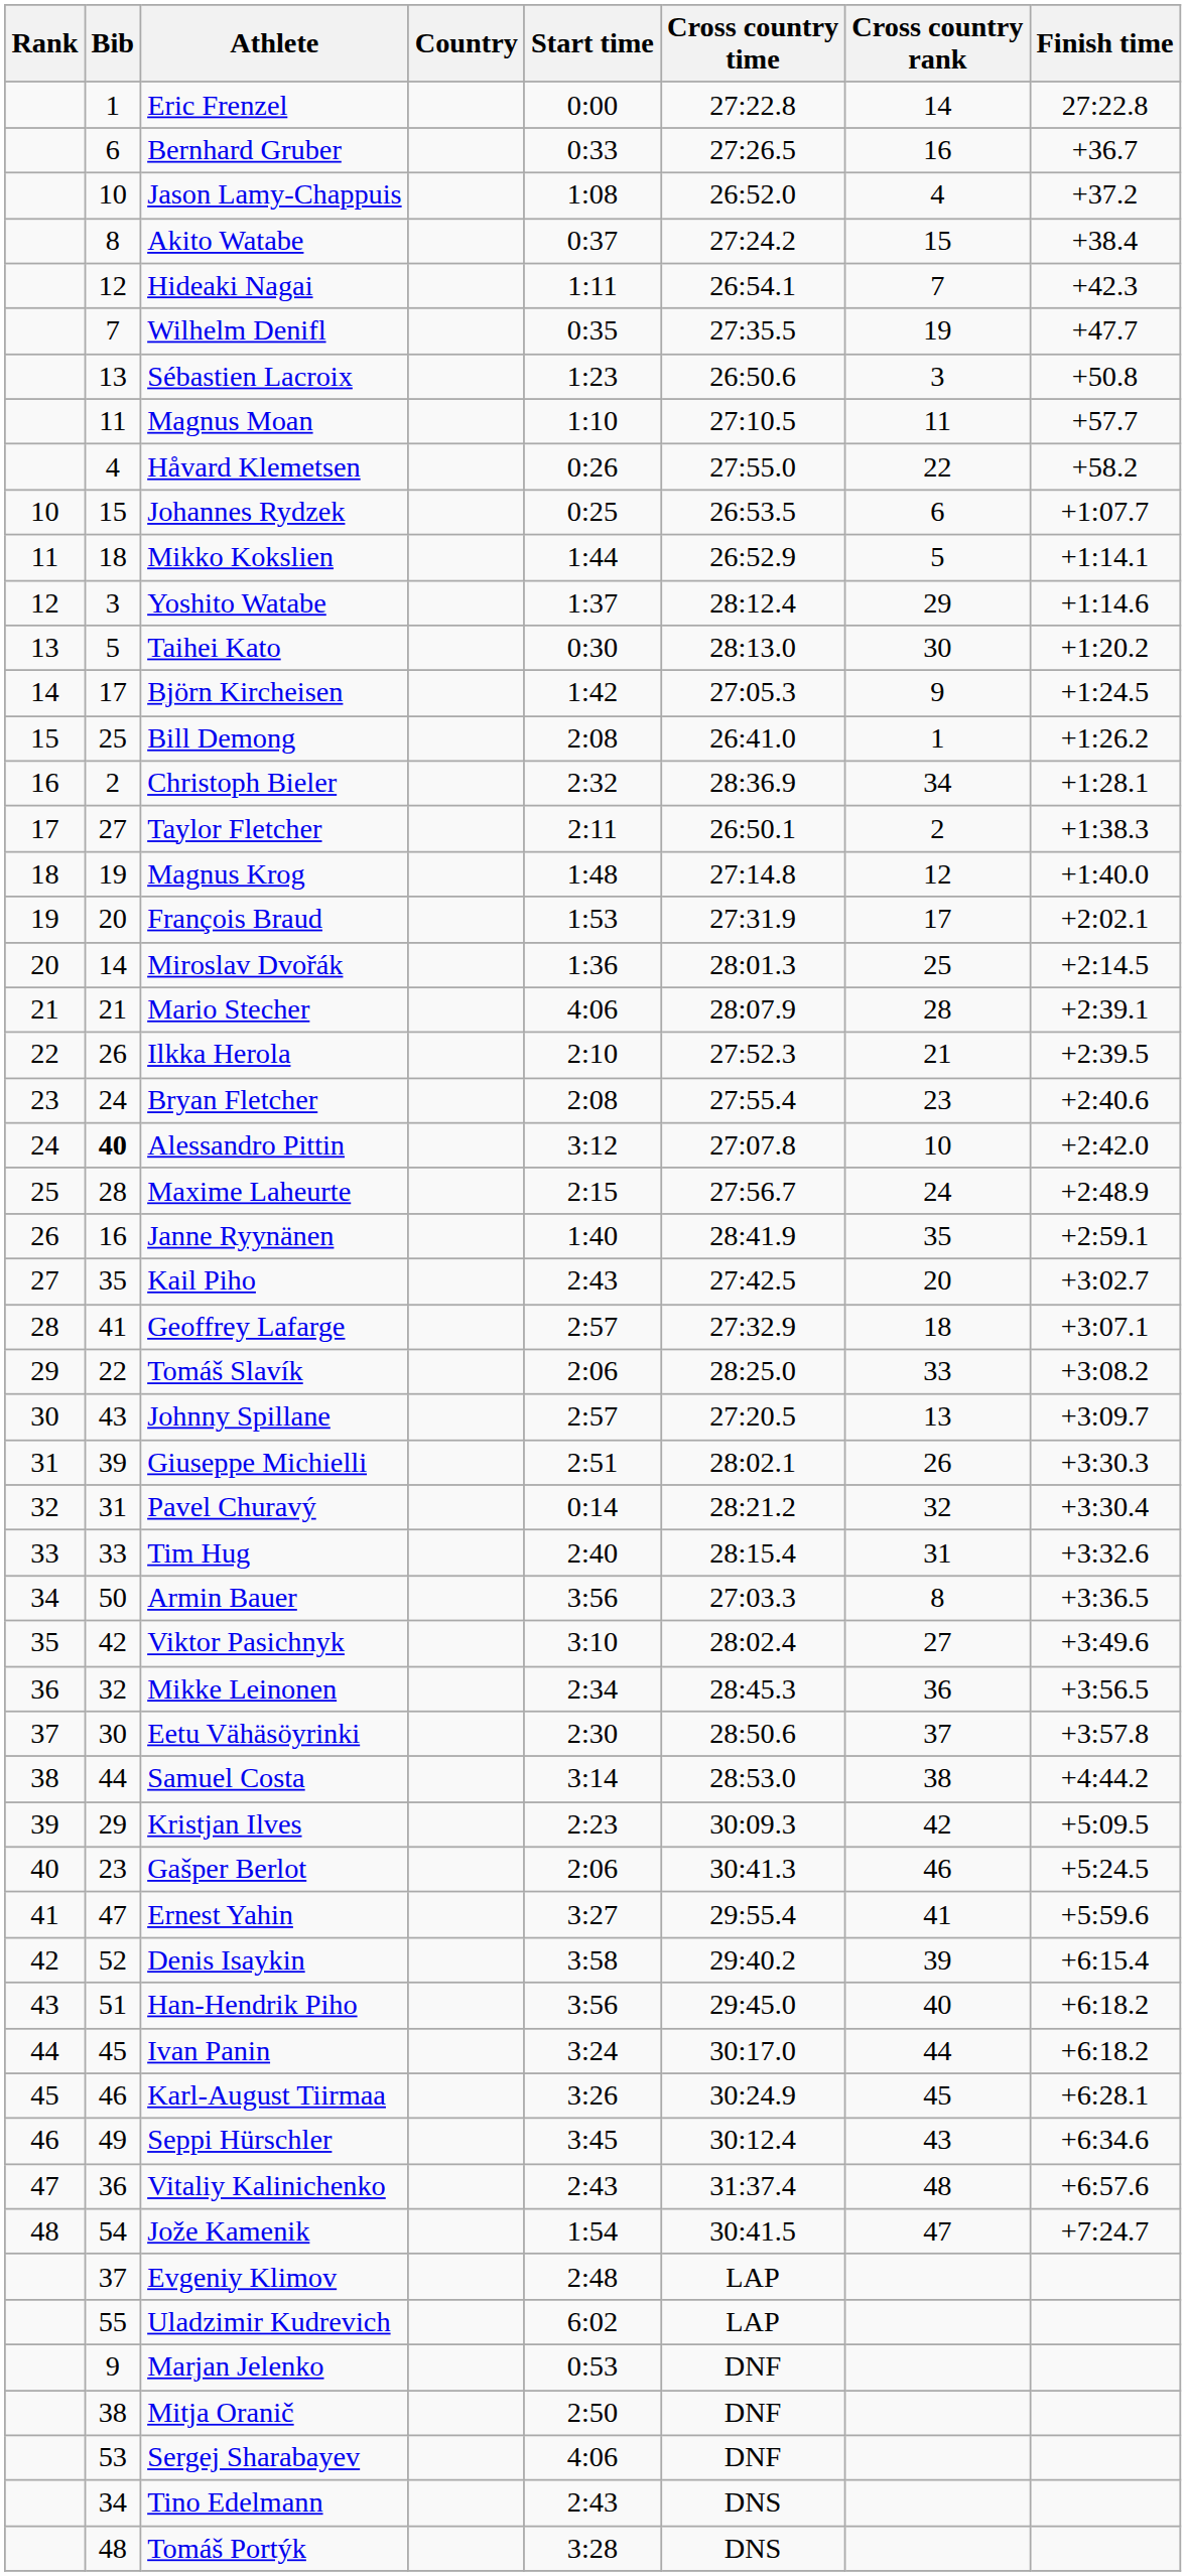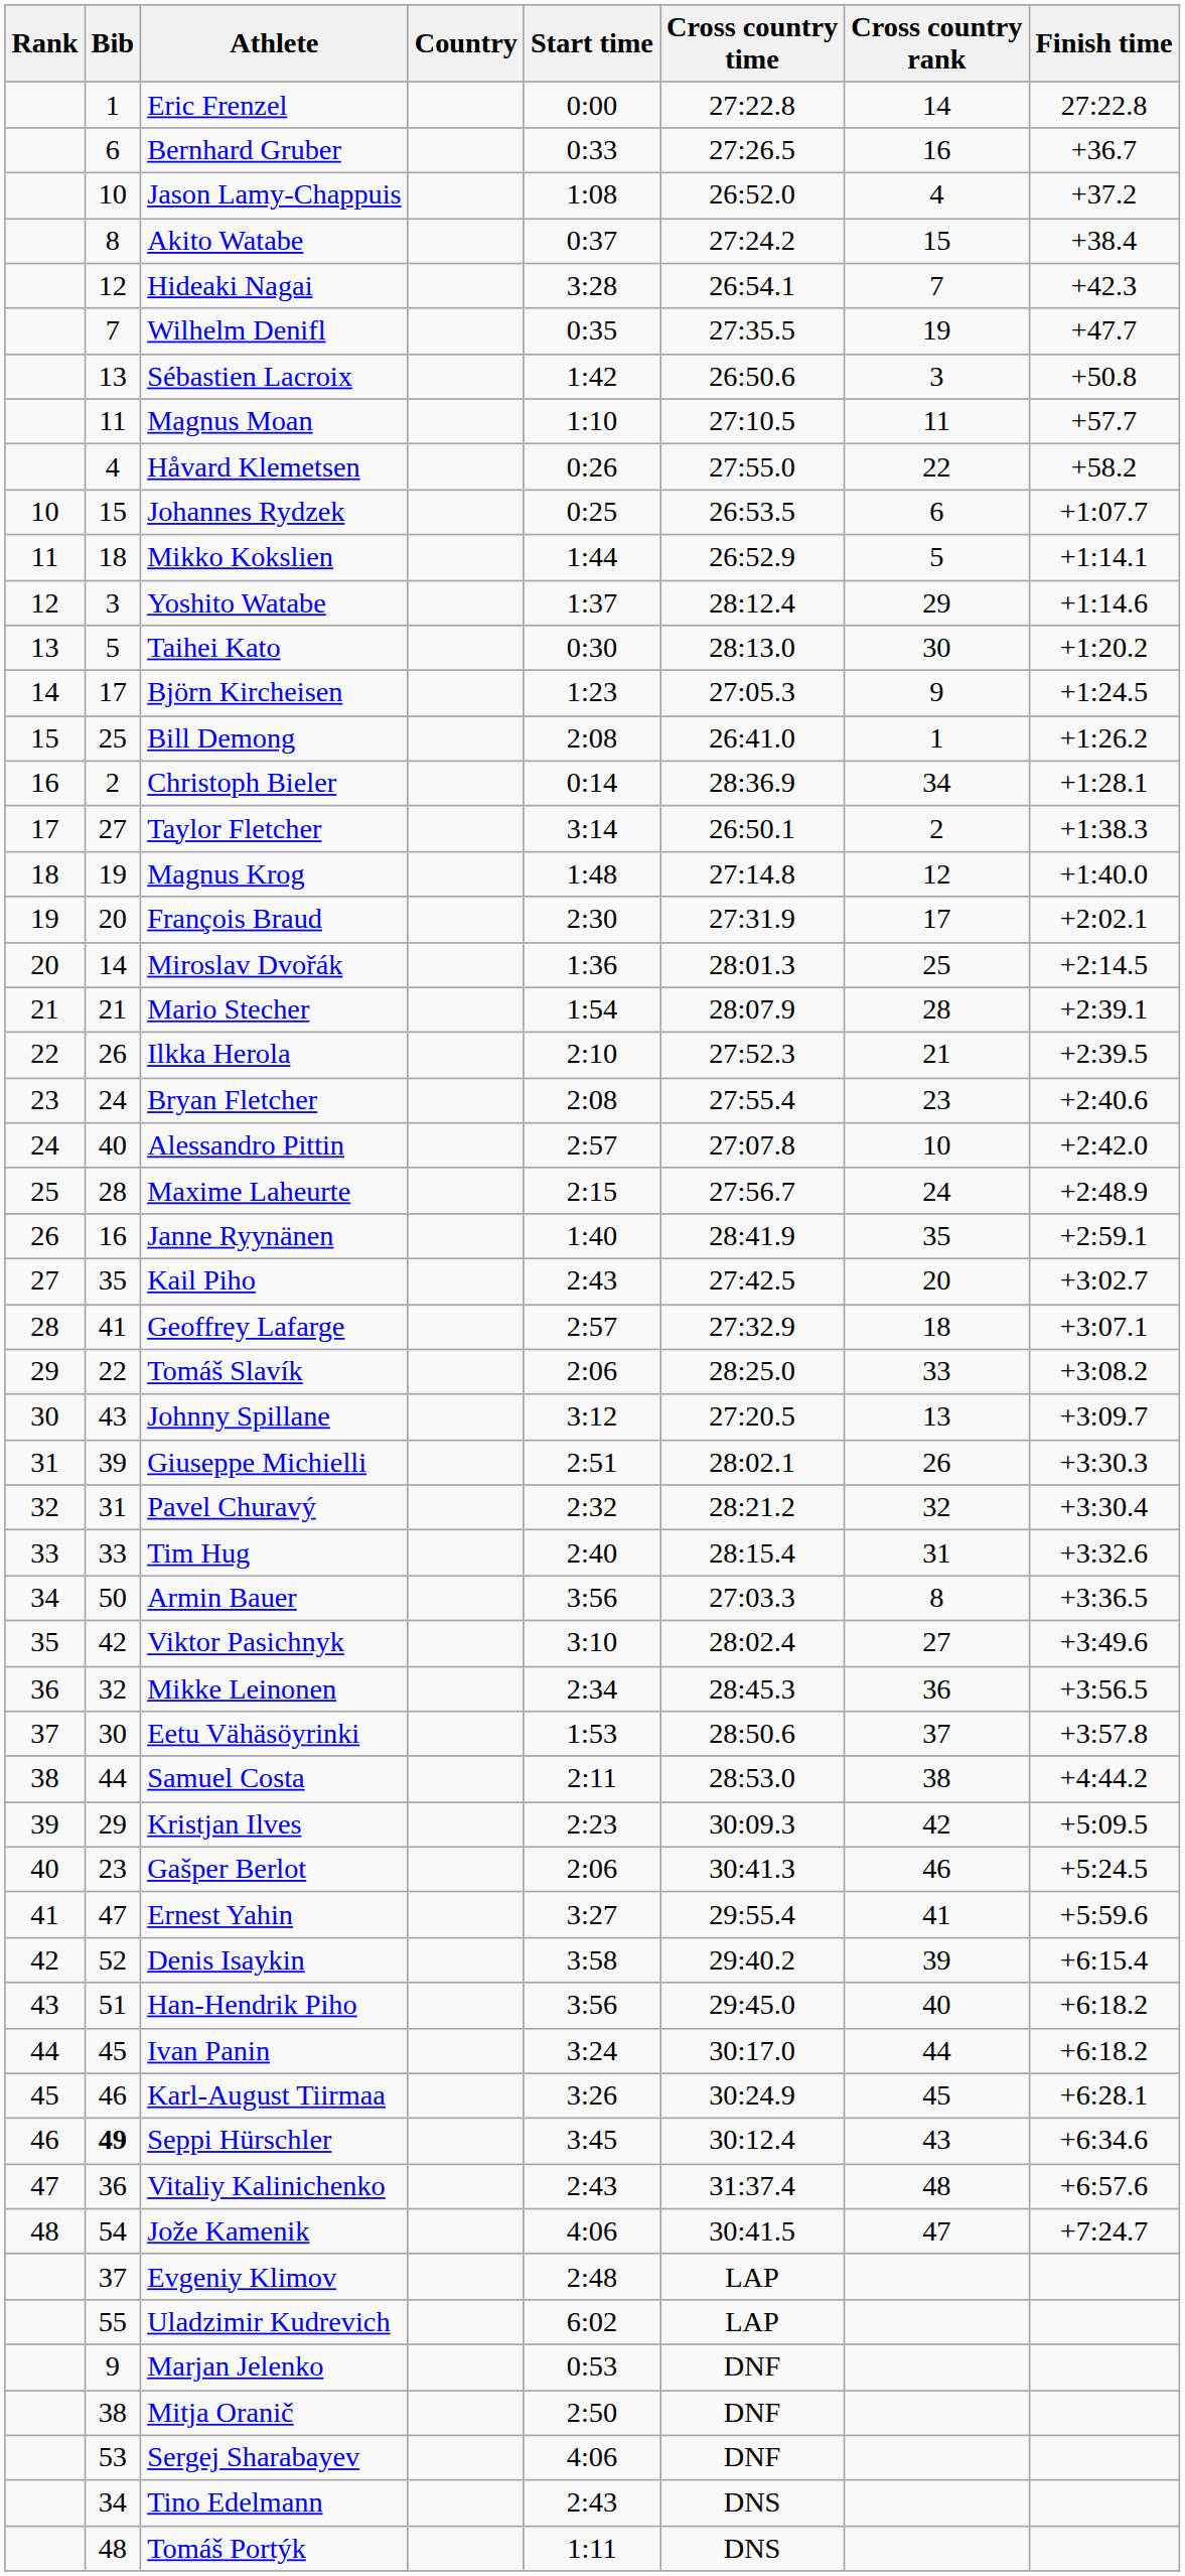 <table class="wikitable sortable" style="text-align:center">
 <tr>
 <th>Rank</th>
 <th>Bib</th>
 <th>Athlete</th>
 <th>Country</th>
 <th>Start time</th>
 <th>Cross country<br>time</th>
 <th>Cross country<br>rank</th>
 <th>Finish time</th>
 </tr>
 <tr>
 <td></td>
 <td>1</td>
 <td align=left><a href='#'>Eric Frenzel</a></td>
 <td align=left></td>
 <td>0:00</td>
 <td>27:22.8</td>
 <td>14</td>
 <td>27:22.8</td>
 </tr>
 <tr>
 <td></td>
 <td>6</td>
 <td align=left><a href='#'>Bernhard Gruber</a></td>
 <td align=left></td>
 <td>0:33</td>
 <td>27:26.5</td>
 <td>16</td>
 <td>+36.7</td>
 </tr>
 <tr>
 <td></td>
 <td>10</td>
 <td align=left><a href='#'>Jason Lamy-Chappuis</a></td>
 <td align=left></td>
 <td>1:08</td>
 <td>26:52.0</td>
 <td>4</td>
 <td>+37.2</td>
 </tr>
 <tr>
 <td></td>
 <td>8</td>
 <td align=left><a href='#'>Akito Watabe</a></td>
 <td align=left></td>
 <td>0:37</td>
 <td>27:24.2</td>
 <td>15</td>
 <td>+38.4</td>
 </tr>
 <tr>
 <td></td>
 <td>12</td>
 <td align=left><a href='#'>Hideaki Nagai</a></td>
 <td align=left></td>
-<td>1:11</td>
+<td>3:28</td>
 <td>26:54.1</td>
 <td>7</td>
 <td>+42.3</td>
 </tr>
 <tr>
 <td></td>
 <td>7</td>
 <td align=left><a href='#'>Wilhelm Denifl</a></td>
 <td align=left></td>
 <td>0:35</td>
 <td>27:35.5</td>
 <td>19</td>
 <td>+47.7</td>
 </tr>
 <tr>
 <td></td>
 <td>13</td>
 <td align=left><a href='#'>Sébastien Lacroix</a></td>
 <td align=left></td>
-<td>1:23</td>
+<td>1:42</td>
 <td>26:50.6</td>
 <td>3</td>
 <td>+50.8</td>
 </tr>
 <tr>
 <td></td>
 <td>11</td>
 <td align=left><a href='#'>Magnus Moan</a></td>
 <td align=left></td>
 <td>1:10</td>
 <td>27:10.5</td>
 <td>11</td>
 <td>+57.7</td>
 </tr>
 <tr>
 <td></td>
 <td>4</td>
 <td align=left><a href='#'>Håvard Klemetsen</a></td>
 <td align=left></td>
 <td>0:26</td>
 <td>27:55.0</td>
 <td>22</td>
 <td>+58.2</td>
 </tr>
 <tr>
 <td>10</td>
 <td>15</td>
 <td align=left><a href='#'>Johannes Rydzek</a></td>
 <td align=left></td>
 <td>0:25</td>
 <td>26:53.5</td>
 <td>6</td>
 <td>+1:07.7</td>
 </tr>
 <tr>
 <td>11</td>
 <td>18</td>
 <td align=left><a href='#'>Mikko Kokslien</a></td>
 <td align=left></td>
 <td>1:44</td>
 <td>26:52.9</td>
 <td>5</td>
 <td>+1:14.1</td>
 </tr>
 <tr>
 <td>12</td>
 <td>3</td>
 <td align=left><a href='#'>Yoshito Watabe</a></td>
 <td align=left></td>
 <td>1:37</td>
 <td>28:12.4</td>
 <td>29</td>
 <td>+1:14.6</td>
 </tr>
 <tr>
 <td>13</td>
 <td>5</td>
 <td align=left><a href='#'>Taihei Kato</a></td>
 <td align=left></td>
 <td>0:30</td>
 <td>28:13.0</td>
 <td>30</td>
 <td>+1:20.2</td>
 </tr>
 <tr>
 <td>14</td>
 <td>17</td>
 <td align=left><a href='#'>Björn Kircheisen</a></td>
 <td align=left></td>
-<td>1:42</td>
+<td>1:23</td>
 <td>27:05.3</td>
 <td>9</td>
 <td>+1:24.5</td>
 </tr>
 <tr>
 <td>15</td>
 <td>25</td>
 <td align=left><a href='#'>Bill Demong</a></td>
 <td align=left></td>
 <td>2:08</td>
 <td>26:41.0</td>
 <td>1</td>
 <td>+1:26.2</td>
 </tr>
 <tr>
 <td>16</td>
 <td>2</td>
 <td align=left><a href='#'>Christoph Bieler</a></td>
 <td align=left></td>
-<td>2:32</td>
+<td>0:14</td>
 <td>28:36.9</td>
 <td>34</td>
 <td>+1:28.1</td>
 </tr>
 <tr>
 <td>17</td>
 <td>27</td>
 <td align=left><a href='#'>Taylor Fletcher</a></td>
 <td align=left></td>
-<td>2:11</td>
+<td>3:14</td>
 <td>26:50.1</td>
 <td>2</td>
 <td>+1:38.3</td>
 </tr>
 <tr>
 <td>18</td>
 <td>19</td>
 <td align=left><a href='#'>Magnus Krog</a></td>
 <td align=left></td>
 <td>1:48</td>
 <td>27:14.8</td>
 <td>12</td>
 <td>+1:40.0</td>
 </tr>
 <tr>
 <td>19</td>
 <td>20</td>
 <td align=left><a href='#'>François Braud</a></td>
 <td align=left></td>
-<td>1:53</td>
+<td>2:30</td>
 <td>27:31.9</td>
 <td>17</td>
 <td>+2:02.1</td>
 </tr>
 <tr>
 <td>20</td>
 <td>14</td>
 <td align=left><a href='#'>Miroslav Dvořák</a></td>
 <td align=left></td>
 <td>1:36</td>
 <td>28:01.3</td>
 <td>25</td>
 <td>+2:14.5</td>
 </tr>
 <tr>
 <td>21</td>
 <td>21</td>
 <td align=left><a href='#'>Mario Stecher</a></td>
 <td align=left></td>
-<td>4:06</td>
+<td>1:54</td>
 <td>28:07.9</td>
 <td>28</td>
 <td>+2:39.1</td>
 </tr>
 <tr>
 <td>22</td>
 <td>26</td>
 <td align=left><a href='#'>Ilkka Herola</a></td>
 <td align=left></td>
 <td>2:10</td>
 <td>27:52.3</td>
 <td>21</td>
 <td>+2:39.5</td>
 </tr>
 <tr>
 <td>23</td>
 <td>24</td>
 <td align=left><a href='#'>Bryan Fletcher</a></td>
 <td align=left></td>
 <td>2:08</td>
 <td>27:55.4</td>
 <td>23</td>
 <td>+2:40.6</td>
 </tr>
 <tr>
 <td>24</td>
-<td><strong>40</strong></td>
+<td>40</td>
 <td align=left><a href='#'>Alessandro Pittin</a></td>
 <td align=left></td>
-<td>3:12</td>
+<td>2:57</td>
 <td>27:07.8</td>
 <td>10</td>
 <td>+2:42.0</td>
 </tr>
 <tr>
 <td>25</td>
 <td>28</td>
 <td align=left><a href='#'>Maxime Laheurte</a></td>
 <td align=left></td>
 <td>2:15</td>
 <td>27:56.7</td>
 <td>24</td>
 <td>+2:48.9</td>
 </tr>
 <tr>
 <td>26</td>
 <td>16</td>
 <td align=left><a href='#'>Janne Ryynänen</a></td>
 <td align=left></td>
 <td>1:40</td>
 <td>28:41.9</td>
 <td>35</td>
 <td>+2:59.1</td>
 </tr>
 <tr>
 <td>27</td>
 <td>35</td>
 <td align=left><a href='#'>Kail Piho</a></td>
 <td align=left></td>
 <td>2:43</td>
 <td>27:42.5</td>
 <td>20</td>
 <td>+3:02.7</td>
 </tr>
 <tr>
 <td>28</td>
 <td>41</td>
 <td align=left><a href='#'>Geoffrey Lafarge</a></td>
 <td align=left></td>
 <td>2:57</td>
 <td>27:32.9</td>
 <td>18</td>
 <td>+3:07.1</td>
 </tr>
 <tr>
 <td>29</td>
 <td>22</td>
 <td align=left><a href='#'>Tomáš Slavík</a></td>
 <td align=left></td>
 <td>2:06</td>
 <td>28:25.0</td>
 <td>33</td>
 <td>+3:08.2</td>
 </tr>
 <tr>
 <td>30</td>
 <td>43</td>
 <td align=left><a href='#'>Johnny Spillane</a></td>
 <td align=left></td>
-<td>2:57</td>
+<td>3:12</td>
 <td>27:20.5</td>
 <td>13</td>
 <td>+3:09.7</td>
 </tr>
 <tr>
 <td>31</td>
 <td>39</td>
 <td align=left><a href='#'>Giuseppe Michielli</a></td>
 <td align=left></td>
 <td>2:51</td>
 <td>28:02.1</td>
 <td>26</td>
 <td>+3:30.3</td>
 </tr>
 <tr>
 <td>32</td>
 <td>31</td>
 <td align=left><a href='#'>Pavel Churavý</a></td>
 <td align=left></td>
-<td>0:14</td>
+<td>2:32</td>
 <td>28:21.2</td>
 <td>32</td>
 <td>+3:30.4</td>
 </tr>
 <tr>
 <td>33</td>
 <td>33</td>
 <td align=left><a href='#'>Tim Hug</a></td>
 <td align=left></td>
 <td>2:40</td>
 <td>28:15.4</td>
 <td>31</td>
 <td>+3:32.6</td>
 </tr>
 <tr>
 <td>34</td>
 <td>50</td>
 <td align=left><a href='#'>Armin Bauer</a></td>
 <td align=left></td>
 <td>3:56</td>
 <td>27:03.3</td>
 <td>8</td>
 <td>+3:36.5</td>
 </tr>
 <tr>
 <td>35</td>
 <td>42</td>
 <td align=left><a href='#'>Viktor Pasichnyk</a></td>
 <td align=left></td>
 <td>3:10</td>
 <td>28:02.4</td>
 <td>27</td>
 <td>+3:49.6</td>
 </tr>
 <tr>
 <td>36</td>
 <td>32</td>
 <td align=left><a href='#'>Mikke Leinonen</a></td>
 <td align=left></td>
 <td>2:34</td>
 <td>28:45.3</td>
 <td>36</td>
 <td>+3:56.5</td>
 </tr>
 <tr>
 <td>37</td>
 <td>30</td>
 <td align=left><a href='#'>Eetu Vähäsöyrinki</a></td>
 <td align=left></td>
-<td>2:30</td>
+<td>1:53</td>
 <td>28:50.6</td>
 <td>37</td>
 <td>+3:57.8</td>
 </tr>
 <tr>
 <td>38</td>
 <td>44</td>
 <td align=left><a href='#'>Samuel Costa</a></td>
 <td align=left></td>
-<td>3:14</td>
+<td>2:11</td>
 <td>28:53.0</td>
 <td>38</td>
 <td>+4:44.2</td>
 </tr>
 <tr>
 <td>39</td>
 <td>29</td>
 <td align=left><a href='#'>Kristjan Ilves</a></td>
 <td align=left></td>
 <td>2:23</td>
 <td>30:09.3</td>
 <td>42</td>
 <td>+5:09.5</td>
 </tr>
 <tr>
 <td>40</td>
 <td>23</td>
 <td align=left><a href='#'>Gašper Berlot</a></td>
 <td align=left></td>
 <td>2:06</td>
 <td>30:41.3</td>
 <td>46</td>
 <td>+5:24.5</td>
 </tr>
 <tr>
 <td>41</td>
 <td>47</td>
 <td align=left><a href='#'>Ernest Yahin</a></td>
 <td align=left></td>
 <td>3:27</td>
 <td>29:55.4</td>
 <td>41</td>
 <td>+5:59.6</td>
 </tr>
 <tr>
 <td>42</td>
 <td>52</td>
 <td align=left><a href='#'>Denis Isaykin</a></td>
 <td align=left></td>
 <td>3:58</td>
 <td>29:40.2</td>
 <td>39</td>
 <td>+6:15.4</td>
 </tr>
 <tr>
 <td>43</td>
 <td>51</td>
 <td align=left><a href='#'>Han-Hendrik Piho</a></td>
 <td align=left></td>
 <td>3:56</td>
 <td>29:45.0</td>
 <td>40</td>
 <td>+6:18.2</td>
 </tr>
 <tr>
 <td>44</td>
 <td>45</td>
 <td align=left><a href='#'>Ivan Panin</a></td>
 <td align=left></td>
 <td>3:24</td>
 <td>30:17.0</td>
 <td>44</td>
 <td>+6:18.2</td>
 </tr>
 <tr>
 <td>45</td>
 <td>46</td>
 <td align=left><a href='#'>Karl-August Tiirmaa</a></td>
 <td align=left></td>
 <td>3:26</td>
 <td>30:24.9</td>
 <td>45</td>
 <td>+6:28.1</td>
 </tr>
 <tr>
 <td>46</td>
-<td>49</td>
+<td><strong>49</strong></td>
 <td align=left><a href='#'>Seppi Hürschler</a></td>
 <td align=left></td>
 <td>3:45</td>
 <td>30:12.4</td>
 <td>43</td>
 <td>+6:34.6</td>
 </tr>
 <tr>
 <td>47</td>
 <td>36</td>
 <td align=left><a href='#'>Vitaliy Kalinichenko</a></td>
 <td align=left></td>
 <td>2:43</td>
 <td>31:37.4</td>
 <td>48</td>
 <td>+6:57.6</td>
 </tr>
 <tr>
 <td>48</td>
 <td>54</td>
 <td align=left><a href='#'>Jože Kamenik</a></td>
 <td align=left></td>
-<td>1:54</td>
+<td>4:06</td>
 <td>30:41.5</td>
 <td>47</td>
 <td>+7:24.7</td>
 </tr>
 <tr>
 <td></td>
 <td>37</td>
 <td align=left><a href='#'>Evgeniy Klimov</a></td>
 <td align=left></td>
 <td>2:48</td>
 <td>LAP</td>
 <td></td>
 <td></td>
 </tr>
 <tr>
 <td></td>
 <td>55</td>
 <td align=left><a href='#'>Uladzimir Kudrevich</a></td>
 <td align=left></td>
 <td>6:02</td>
 <td>LAP</td>
 <td></td>
 <td></td>
 </tr>
 <tr>
 <td></td>
 <td>9</td>
 <td align=left><a href='#'>Marjan Jelenko</a></td>
 <td align=left></td>
 <td>0:53</td>
 <td>DNF</td>
 <td></td>
 <td></td>
 </tr>
 <tr>
 <td></td>
 <td>38</td>
 <td align=left><a href='#'>Mitja Oranič</a></td>
 <td align=left></td>
 <td>2:50</td>
 <td>DNF</td>
 <td></td>
 <td></td>
 </tr>
 <tr>
 <td></td>
 <td>53</td>
 <td align=left><a href='#'>Sergej Sharabayev</a></td>
 <td align=left></td>
 <td>4:06</td>
 <td>DNF</td>
 <td></td>
 <td></td>
 </tr>
 <tr>
 <td></td>
 <td>34</td>
 <td align=left><a href='#'>Tino Edelmann</a></td>
 <td align=left></td>
 <td>2:43</td>
 <td>DNS</td>
 <td></td>
 <td></td>
 </tr>
 <tr>
 <td></td>
 <td>48</td>
 <td align=left><a href='#'>Tomáš Portýk</a></td>
 <td align=left></td>
-<td>3:28</td>
+<td>1:11</td>
 <td>DNS</td>
 <td></td>
 <td></td>
 </tr>
 </table>
